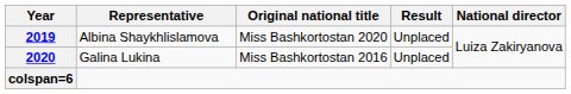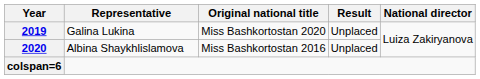 <table class="wikitable defaultcenter col2left" style="font-size:95%;">
 <tr>
 <th>Year</th>
 <th>Representative</th>
 <th>Original national title</th>
 <th>Result</th>
 <th>National director</th>
 </tr>
 <tr>
 <th><a href='#'>2019</a></th>
-<td>Albina Shaykhlislamova    </td>
+<td>Galina Lukina    </td>
 <td>Miss Bashkortostan 2020</td>
 <td>Unplaced</td>
 <td rowspan=2>Luiza Zakiryanova</td>
 </tr>
 <tr>
 <th><a href='#'>2020</a></th>
-<td>Galina Lukina    </td>
+<td>Albina Shaykhlislamova    </td>
 <td>Miss Bashkortostan 2016</td>
 <td>Unplaced</td>
 </tr>
 <tr>
 <th>colspan=6 </th>
 </tr>
 </table>
